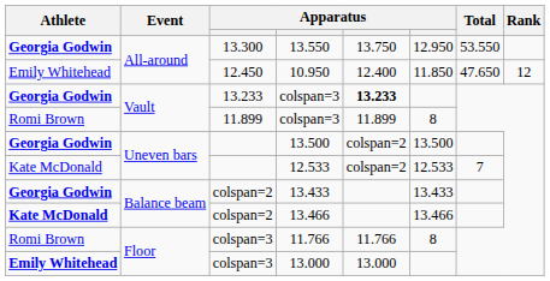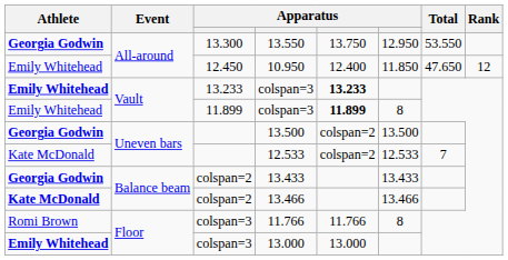 <table class=wikitable style=font-size:90%;text-align:center>
 <tr>
 <th rowspan=2>Athlete</th>
 <th rowspan=2>Event</th>
 <th colspan=4>Apparatus</th>
 <th rowspan=2>Total</th>
 <th rowspan=2>Rank</th>
 </tr>
 <tr style=font-size:95%>
 <th></th>
 <th></th>
 <th></th>
 <th></th>
 </tr>
 <tr>
 <td align=left><strong><a href='#'>Georgia Godwin</a></strong></td>
 <td align=left rowspan=2><a href='#'>All-around</a></td>
 <td>13.300</td>
 <td>13.550</td>
 <td>13.750</td>
 <td>12.950</td>
 <td>53.550</td>
 <td></td>
 </tr>
 <tr>
 <td align=left><a href='#'>Emily Whitehead</a></td>
 <td>12.450</td>
 <td>10.950</td>
 <td>12.400</td>
 <td>11.850</td>
 <td>47.650</td>
 <td>12</td>
 </tr>
 <tr>
-<td align=left><strong><a href='#'>Georgia Godwin</a></strong></td>
+<td align=left><strong><a href='#'>Emily Whitehead</a></strong></td>
 <td align=left rowspan=2><a href='#'>Vault</a></td>
 <td>13.233</td>
 <td>colspan=3 </td>
 <td><strong>13.233</strong></td>
 <td></td>
 </tr>
 <tr>
-<td align=left><a href='#'>Romi Brown</a></td>
+<td align=left><a href='#'>Emily Whitehead</a></td>
 <td>11.899</td>
 <td>colspan=3 </td>
-<td>11.899</td>
+<td><strong>11.899</strong></td>
 <td>8</td>
 </tr>
 <tr>
 <td align=left><strong><a href='#'>Georgia Godwin</a></strong></td>
 <td align=left rowspan=2><a href='#'>Uneven bars</a></td>
 <td></td>
 <td>13.500</td>
 <td>colspan=2 </td>
 <td>13.500</td>
 <td></td>
 </tr>
 <tr>
 <td align=left><a href='#'>Kate McDonald</a></td>
 <td></td>
 <td>12.533</td>
 <td>colspan=2 </td>
 <td>12.533</td>
 <td>7</td>
 </tr>
 <tr>
 <td align=left><strong><a href='#'>Georgia Godwin</a></strong></td>
 <td align=left rowspan=2><a href='#'>Balance beam</a></td>
 <td>colspan=2 </td>
 <td>13.433</td>
 <td></td>
 <td>13.433</td>
 <td></td>
 </tr>
 <tr>
 <td align=left><strong><a href='#'>Kate McDonald</a></strong></td>
 <td>colspan=2 </td>
 <td>13.466</td>
 <td></td>
 <td>13.466</td>
 <td></td>
 </tr>
 <tr>
 <td align=left><a href='#'>Romi Brown</a></td>
 <td align=left rowspan=2><a href='#'>Floor</a></td>
 <td>colspan=3 </td>
 <td>11.766</td>
 <td>11.766</td>
 <td>8</td>
 </tr>
 <tr>
 <td align=left><strong><a href='#'>Emily Whitehead</a></strong></td>
 <td>colspan=3 </td>
 <td>13.000</td>
 <td>13.000</td>
 <td></td>
 </tr>
 </table>
